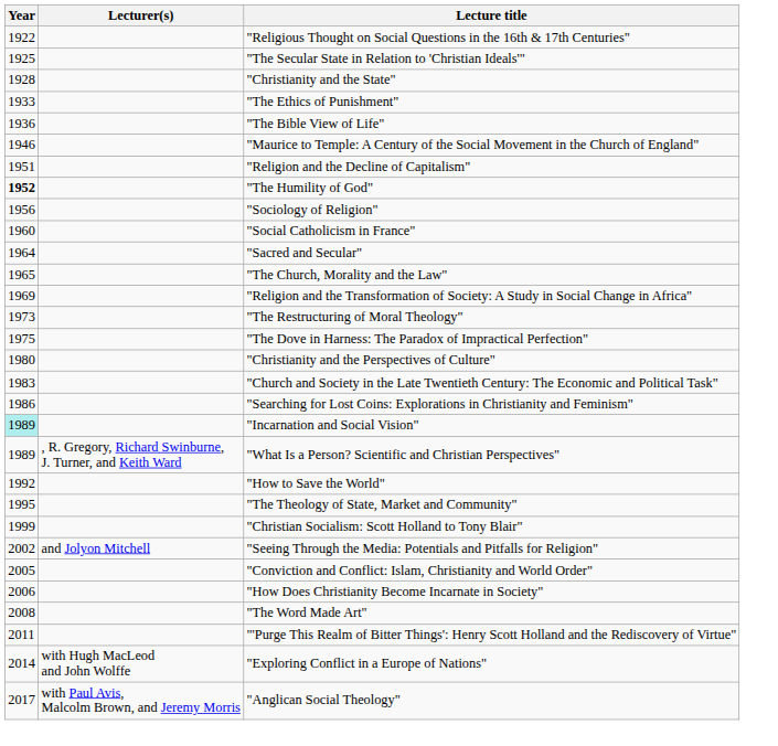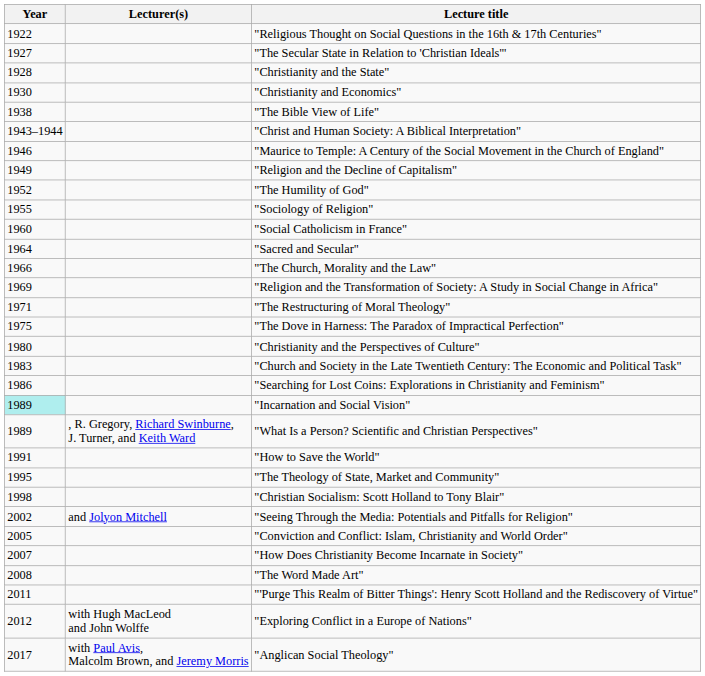 <table class="wikitable sortable">
 <tr>
 <th scope="col">Year</th>
 <th scope="col">Lecturer(s)</th>
 <th scope="col">Lecture title</th>
 </tr>
 <tr>
 <td>1922</td>
 <td></td>
 <td>"Religious Thought on Social Questions in the 16th & 17th Centuries"</td>
 </tr>
 <tr>
-<td>1925</td>
+<td>1927</td>
 <td></td>
 <td>"The Secular State in Relation to 'Christian Ideals'"</td>
 </tr>
 <tr>
 <td>1928</td>
 <td></td>
 <td>"Christianity and the State"</td>
 </tr>
 <tr>
-<td>1933</td>
+<td>1930</td>
 <td></td>
-<td>"The Ethics of Punishment"</td>
+<td>"Christianity and Economics"</td>
 </tr>
 <tr>
-<td>1936</td>
+<td>1938</td>
 <td></td>
 <td>"The Bible View of Life"</td>
+</tr>
+<tr>
+<td>1943–1944</td>
+<td></td>
+<td>"Christ and Human Society: A Biblical Interpretation"</td>
 </tr>
 <tr>
 <td>1946</td>
 <td></td>
 <td>"Maurice to Temple: A Century of the Social Movement in the Church of England"</td>
 </tr>
 <tr>
-<td>1951</td>
+<td>1949</td>
 <td></td>
 <td>"Religion and the Decline of Capitalism"</td>
 </tr>
 <tr>
-<td><strong>1952</strong></td>
+<td>1952</td>
 <td></td>
 <td>"The Humility of God"</td>
 </tr>
 <tr>
-<td>1956</td>
+<td>1955</td>
 <td></td>
 <td>"Sociology of Religion"</td>
 </tr>
 <tr>
 <td>1960</td>
 <td></td>
 <td>"Social Catholicism in France"</td>
 </tr>
 <tr>
 <td>1964</td>
 <td></td>
 <td>"Sacred and Secular"</td>
 </tr>
 <tr>
-<td>1965</td>
+<td>1966</td>
 <td></td>
 <td>"The Church, Morality and the Law"</td>
 </tr>
 <tr>
 <td>1969</td>
 <td></td>
 <td>"Religion and the Transformation of Society: A Study in Social Change in Africa"</td>
 </tr>
 <tr>
-<td>1973</td>
+<td>1971</td>
 <td></td>
 <td>"The Restructuring of Moral Theology"</td>
 </tr>
 <tr>
 <td>1975</td>
 <td></td>
 <td>"The Dove in Harness: The Paradox of Impractical Perfection"</td>
 </tr>
 <tr>
 <td>1980</td>
 <td></td>
 <td>"Christianity and the Perspectives of Culture"</td>
 </tr>
 <tr>
 <td>1983</td>
 <td></td>
 <td>"Church and Society in the Late Twentieth Century: The Economic and Political Task"</td>
 </tr>
 <tr>
 <td>1986</td>
 <td></td>
 <td>"Searching for Lost Coins: Explorations in Christianity and Feminism"</td>
 </tr>
 <tr>
 <td style="background: paleturquoise;">1989</td>
 <td></td>
 <td>"Incarnation and Social Vision"</td>
 </tr>
 <tr>
 <td>1989</td>
 <td>, R. Gregory, <a href='#'>Richard Swinburne</a>,<br>J. Turner, and <a href='#'>Keith Ward</a></td>
 <td>"What Is a Person? Scientific and Christian Perspectives"</td>
 </tr>
 <tr>
-<td>1992</td>
+<td>1991</td>
 <td></td>
 <td>"How to Save the World"</td>
 </tr>
 <tr>
 <td>1995</td>
 <td></td>
 <td>"The Theology of State, Market and Community"</td>
 </tr>
 <tr>
-<td>1999</td>
+<td>1998</td>
 <td></td>
 <td>"Christian Socialism: Scott Holland to Tony Blair"</td>
 </tr>
 <tr>
 <td>2002</td>
 <td> and <a href='#'>Jolyon Mitchell</a></td>
 <td>"Seeing Through the Media: Potentials and Pitfalls for Religion"</td>
 </tr>
 <tr>
 <td>2005</td>
 <td></td>
 <td>"Conviction and Conflict: Islam, Christianity and World Order"</td>
 </tr>
 <tr>
-<td>2006</td>
+<td>2007</td>
 <td></td>
 <td>"How Does Christianity Become Incarnate in Society"</td>
 </tr>
 <tr>
 <td>2008</td>
 <td></td>
 <td>"The Word Made Art"</td>
 </tr>
 <tr>
 <td>2011</td>
 <td></td>
 <td>"'Purge This Realm of Bitter Things': Henry Scott Holland and the Rediscovery of Virtue"</td>
 </tr>
 <tr>
-<td>2014</td>
+<td>2012</td>
 <td> with Hugh MacLeod<br>and John Wolffe</td>
 <td>"Exploring Conflict in a Europe of Nations"</td>
 </tr>
 <tr>
 <td>2017</td>
 <td> with <a href='#'>Paul Avis</a>,<br>Malcolm Brown, and <a href='#'>Jeremy Morris</a></td>
 <td>"Anglican Social Theology"</td>
 </tr>
 </table>
